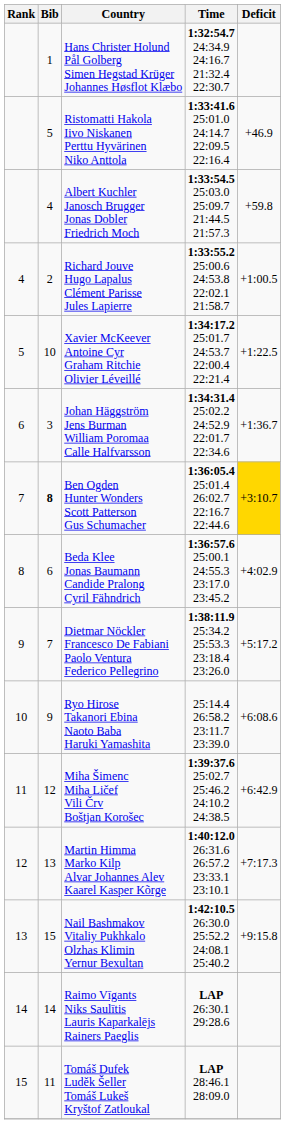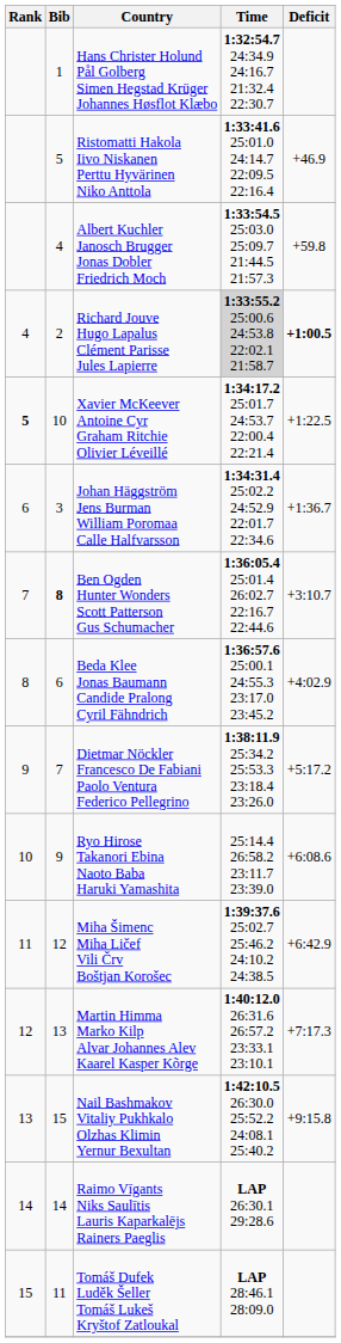 <table class="wikitable sortable" style="text-align:center">
 <tr>
 <th>Rank</th>
 <th>Bib</th>
 <th>Country</th>
 <th>Time</th>
 <th>Deficit</th>
 </tr>
 <tr>
 <td></td>
 <td>1</td>
 <td align=left><br><a href='#'>Hans Christer Holund</a><br><a href='#'>Pål Golberg</a><br><a href='#'>Simen Hegstad Krüger</a><br><a href='#'>Johannes Høsflot Klæbo</a></td>
 <td><strong>1:32:54.7</strong><br> 24:34.9<br>24:16.7<br>21:32.4<br>22:30.7</td>
 <td></td>
 </tr>
 <tr>
 <td></td>
 <td>5</td>
 <td align=left><br><a href='#'>Ristomatti Hakola</a><br><a href='#'>Iivo Niskanen</a><br><a href='#'>Perttu Hyvärinen</a><br><a href='#'>Niko Anttola</a></td>
 <td><strong>1:33:41.6</strong><br>25:01.0<br>24:14.7<br>22:09.5<br>22:16.4</td>
 <td>+46.9</td>
 </tr>
 <tr>
 <td></td>
 <td>4</td>
 <td align=left><br><a href='#'>Albert Kuchler</a><br><a href='#'>Janosch Brugger</a><br><a href='#'>Jonas Dobler</a><br><a href='#'>Friedrich Moch</a></td>
 <td><strong>1:33:54.5</strong><br>25:03.0<br>25:09.7<br>21:44.5<br>21:57.3</td>
 <td>+59.8</td>
 </tr>
 <tr>
 <td>4</td>
 <td>2</td>
 <td align=left><br><a href='#'>Richard Jouve</a><br><a href='#'>Hugo Lapalus</a><br><a href='#'>Clément Parisse</a><br><a href='#'>Jules Lapierre</a></td>
-<td><strong>1:33:55.2</strong><br>25:00.6<br>24:53.8<br>22:02.1<br>21:58.7</td>
-<td>+1:00.5</td>
+<td style="background: lightgrey;"><strong>1:33:55.2</strong><br>25:00.6<br>24:53.8<br>22:02.1<br>21:58.7</td>
+<td><strong>+1:00.5</strong></td>
 </tr>
 <tr>
-<td>5</td>
+<td><strong>5</strong></td>
 <td>10</td>
 <td align=left><br><a href='#'>Xavier McKeever</a><br><a href='#'>Antoine Cyr</a><br><a href='#'>Graham Ritchie</a><br><a href='#'>Olivier Léveillé</a></td>
 <td><strong>1:34:17.2</strong><br>25:01.7<br>24:53.7<br>22:00.4<br>22:21.4</td>
 <td>+1:22.5</td>
 </tr>
 <tr>
 <td>6</td>
 <td>3</td>
 <td align=left><br><a href='#'>Johan Häggström</a><br><a href='#'>Jens Burman</a><br><a href='#'>William Poromaa</a><br><a href='#'>Calle Halfvarsson</a></td>
 <td><strong>1:34:31.4</strong><br>25:02.2<br>24:52.9<br>22:01.7<br>22:34.6</td>
 <td>+1:36.7</td>
 </tr>
 <tr>
 <td>7</td>
 <td><strong>8</strong></td>
 <td align=left><br><a href='#'>Ben Ogden</a><br><a href='#'>Hunter Wonders</a><br><a href='#'>Scott Patterson</a><br><a href='#'>Gus Schumacher</a></td>
 <td><strong>1:36:05.4</strong><br>25:01.4<br>26:02.7<br>22:16.7<br>22:44.6</td>
-<td style="background: gold;">+3:10.7</td>
+<td>+3:10.7</td>
 </tr>
 <tr>
 <td>8</td>
 <td>6</td>
 <td align=left><br><a href='#'>Beda Klee</a><br><a href='#'>Jonas Baumann</a><br><a href='#'>Candide Pralong</a><br><a href='#'>Cyril Fähndrich</a></td>
 <td><strong>1:36:57.6</strong><br>25:00.1<br>24:55.3<br>23:17.0<br>23:45.2</td>
 <td>+4:02.9</td>
 </tr>
 <tr>
 <td>9</td>
 <td>7</td>
 <td align=left><br><a href='#'>Dietmar Nöckler</a><br><a href='#'>Francesco De Fabiani</a><br><a href='#'>Paolo Ventura</a><br><a href='#'>Federico Pellegrino</a></td>
 <td><strong>1:38:11.9</strong><br>25:34.2<br>25:53.3<br>23:18.4<br>23:26.0</td>
 <td>+5:17.2</td>
 </tr>
 <tr>
 <td>10</td>
 <td>9</td>
 <td align=left><br><a href='#'>Ryo Hirose</a><br><a href='#'>Takanori Ebina</a><br><a href='#'>Naoto Baba</a><br><a href='#'>Haruki Yamashita</a></td>
 <td><strong> </strong><br>25:14.4<br>26:58.2<br>23:11.7<br>23:39.0</td>
 <td>+6:08.6</td>
 </tr>
 <tr>
 <td>11</td>
 <td>12</td>
 <td align=left><br><a href='#'>Miha Šimenc</a><br><a href='#'>Miha Ličef</a><br><a href='#'>Vili Črv</a><br><a href='#'>Boštjan Korošec</a></td>
 <td><strong>1:39:37.6</strong><br>25:02.7<br>25:46.2<br>24:10.2<br>24:38.5</td>
 <td>+6:42.9</td>
 </tr>
 <tr>
 <td>12</td>
 <td>13</td>
 <td align=left><br><a href='#'>Martin Himma</a><br><a href='#'>Marko Kilp</a><br><a href='#'>Alvar Johannes Alev</a><br><a href='#'>Kaarel Kasper Kõrge</a></td>
 <td><strong>1:40:12.0</strong><br>26:31.6<br>26:57.2<br>23:33.1<br>23:10.1</td>
 <td>+7:17.3</td>
 </tr>
 <tr>
 <td>13</td>
 <td>15</td>
 <td align=left><br><a href='#'>Nail Bashmakov</a><br><a href='#'>Vitaliy Pukhkalo</a><br><a href='#'>Olzhas Klimin</a><br><a href='#'>Yernur Bexultan</a></td>
 <td><strong>1:42:10.5</strong><br>26:30.0<br>25:52.2<br>24:08.1<br>25:40.2</td>
 <td>+9:15.8</td>
 </tr>
 <tr>
 <td>14</td>
 <td>14</td>
 <td align=left><br><a href='#'>Raimo Vīgants</a><br><a href='#'>Niks Saulītis</a><br><a href='#'>Lauris Kaparkalējs</a><br><a href='#'>Rainers Paeglis</a></td>
 <td><strong>LAP</strong><br>26:30.1<br>29:28.6</td>
 <td></td>
 </tr>
 <tr>
 <td>15</td>
 <td>11</td>
 <td align=left><br><a href='#'>Tomáš Dufek</a><br><a href='#'>Luděk Šeller</a><br><a href='#'>Tomáš Lukeš</a><br><a href='#'>Kryštof Zatloukal</a></td>
 <td><strong>LAP</strong><br>28:46.1<br>28:09.0</td>
 <td></td>
 </tr>
 <tr>
 </tr>
 </table>
